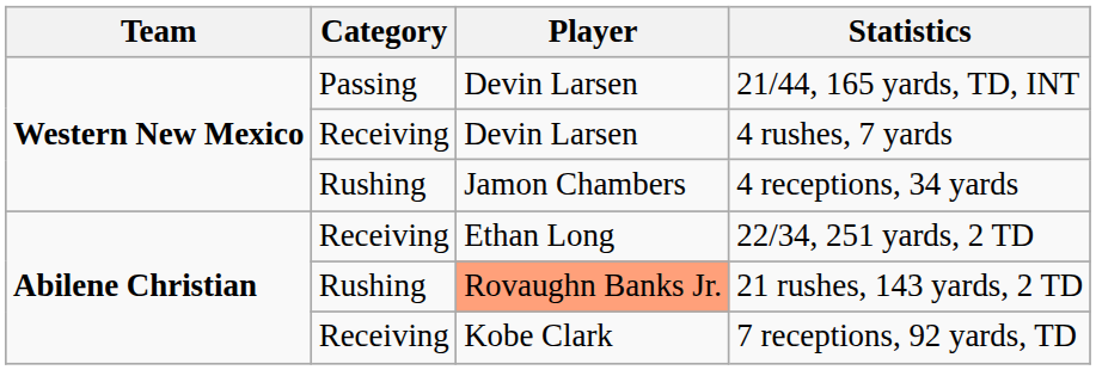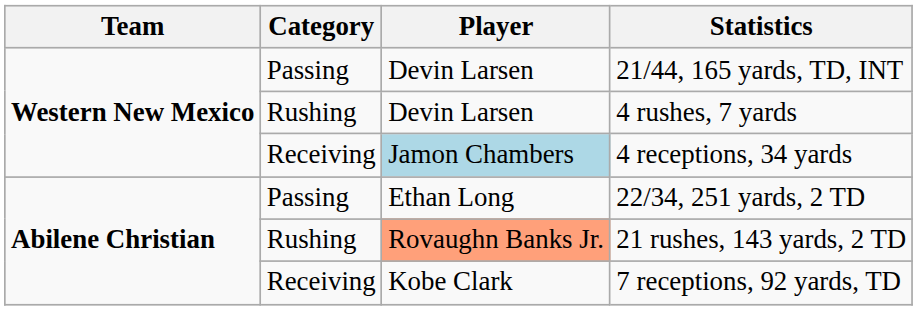 <table class="wikitable" style="float: left;">
 <tr>
 <th>Team</th>
 <th>Category</th>
 <th>Player</th>
 <th>Statistics</th>
 </tr>
 <tr>
 <td rowspan=3><strong>Western New Mexico</strong></td>
 <td>Passing</td>
 <td>Devin Larsen</td>
 <td>21/44, 165 yards, TD, INT</td>
 </tr>
 <tr>
-<td>Receiving</td>
+<td>Rushing</td>
 <td>Devin Larsen</td>
 <td>4 rushes, 7 yards</td>
 </tr>
 <tr>
-<td>Rushing</td>
-<td>Jamon Chambers</td>
+<td>Receiving</td>
+<td style="background: lightblue;">Jamon Chambers</td>
 <td>4 receptions, 34 yards</td>
 </tr>
 <tr>
 <td rowspan=3><strong>Abilene Christian</strong></td>
-<td>Receiving</td>
+<td>Passing</td>
 <td>Ethan Long</td>
 <td>22/34, 251 yards, 2 TD</td>
 </tr>
 <tr>
 <td>Rushing</td>
 <td style="background: lightsalmon;">Rovaughn Banks Jr.</td>
 <td>21 rushes, 143 yards, 2 TD</td>
 </tr>
 <tr>
 <td>Receiving</td>
 <td>Kobe Clark</td>
 <td>7 receptions, 92 yards, TD</td>
 </tr>
 </table>
